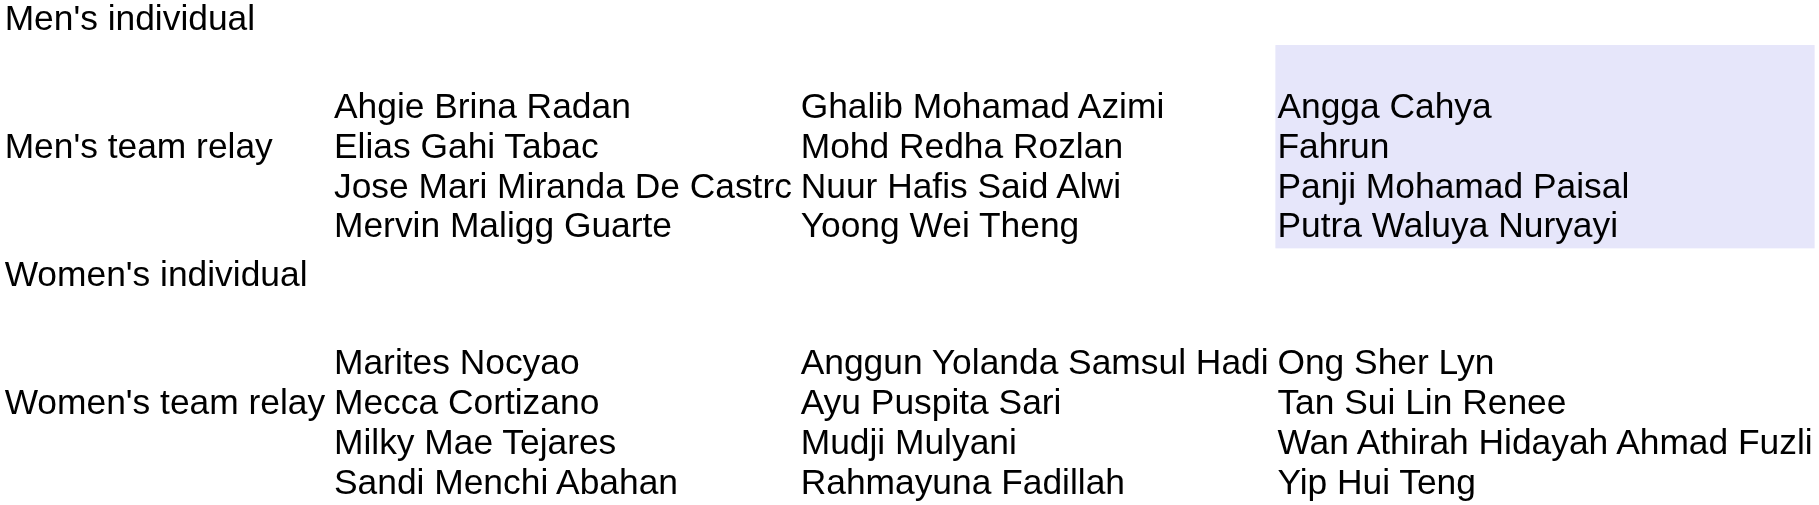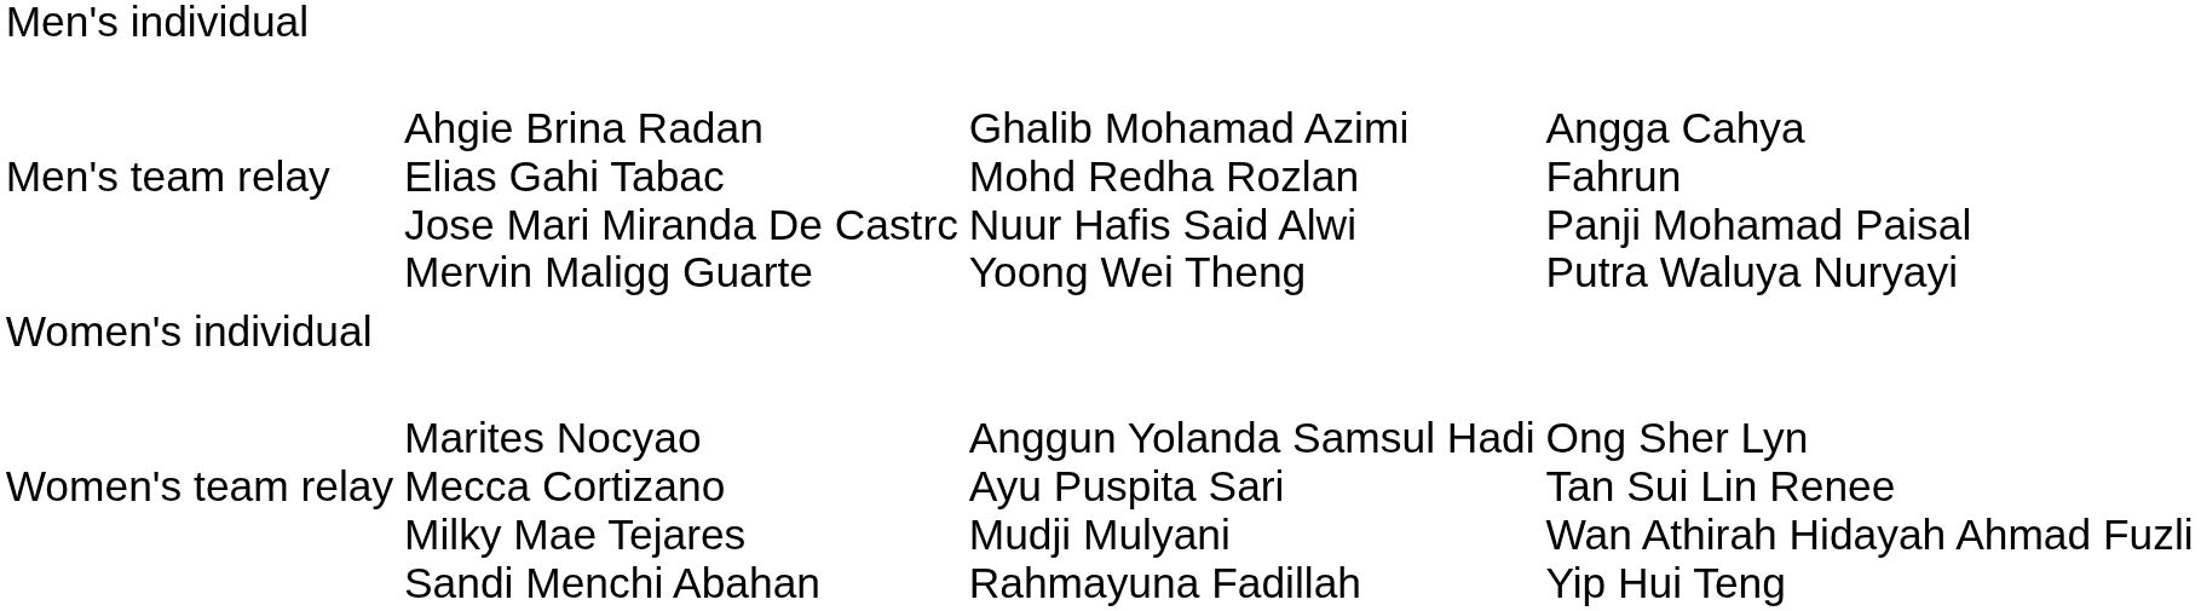 <table>
 <tr>
 <td rowspan=2>Men's individual</td>
 <td rowspan=2></td>
 <td rowspan=2></td>
 <td colspan=2></td>
 </tr>
 <tr>
 <td></td>
 </tr>
 <tr>
 <td>Men's team relay</td>
 <td><br>Ahgie Brina Radan<br>Elias Gahi Tabac<br>Jose Mari Miranda De Castrc<br>Mervin Maligg Guarte</td>
 <td><br>Ghalib Mohamad Azimi<br>Mohd Redha Rozlan<br>Nuur Hafis Said Alwi<br>Yoong Wei Theng</td>
-<td style="background: lavender;"><br>Angga Cahya<br>Fahrun<br>Panji Mohamad Paisal<br>Putra Waluya Nuryayi</td>
+<td><br>Angga Cahya<br>Fahrun<br>Panji Mohamad Paisal<br>Putra Waluya Nuryayi</td>
 </tr>
 <tr>
 <td rowspan=2>Women's individual</td>
 <td rowspan=2></td>
 <td rowspan=2></td>
 <td colspan=2></td>
 </tr>
 <tr>
 <td></td>
 </tr>
 <tr>
 <td>Women's team relay</td>
 <td><br>Marites Nocyao<br>Mecca Cortizano<br>Milky Mae Tejares<br>Sandi Menchi Abahan</td>
 <td><br>Anggun Yolanda Samsul Hadi<br>Ayu Puspita Sari<br>Mudji Mulyani<br>Rahmayuna Fadillah</td>
 <td><br>Ong Sher Lyn<br>Tan Sui Lin Renee<br>Wan Athirah Hidayah Ahmad Fuzli<br>Yip Hui Teng</td>
 </tr>
 </table>
